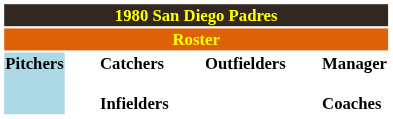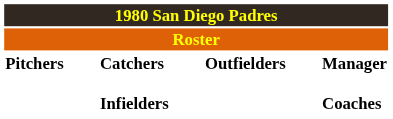 <table class="toccolours" style="font-size: 95%;">
 <tr>
 <th colspan="10" style="background-color: #312821; color: yellow; text-align: center;">1980 San Diego Padres</th>
 </tr>
 <tr>
 <td colspan="10" style="background-color: #de6108; color: yellow; text-align: center;"><strong>Roster</strong></td>
 </tr>
 <tr>
-<td valign="top" style="background: lightblue;"><strong>Pitchers</strong><br>              </td>
+<td valign="top"><strong>Pitchers</strong><br>              </td>
 <td width="25px"></td>
 <td valign="top"><strong>Catchers</strong><br>   <br><strong>Infielders</strong>            </td>
 <td width="25px"></td>
 <td valign="top"><strong>Outfielders</strong><br>    </td>
 <td width="25px"></td>
 <td valign="top"><strong>Manager</strong><br><br><strong>Coaches</strong>    </td>
 </tr>
 </table>
